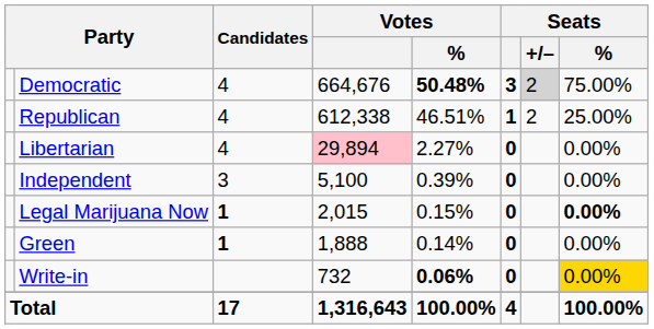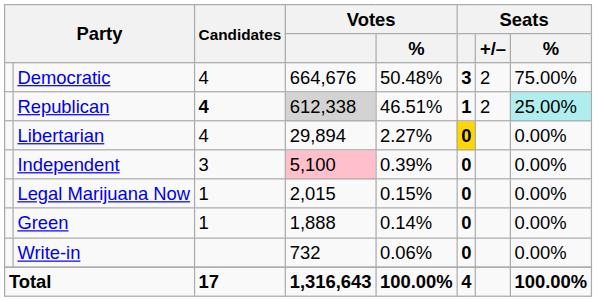 <table class="wikitable" style="font-size: 95%;">
 <tr>
 <th colspan="2" rowspan="2">Party</th>
 <th rowspan="2"><small>Candi</small><small>dates</small></th>
 <th colspan="2">Votes</th>
 <th colspan="3">Seats</th>
 </tr>
 <tr>
 <th></th>
 <th>%</th>
 <th></th>
 <th>+/–</th>
 <th>%</th>
 </tr>
 <tr>
 <td style="background:"></td>
 <td align=left><a href='#'>Democratic</a></td>
 <td>4</td>
 <td>664,676</td>
-<td><strong>50.48%</strong></td>
+<td>50.48%</td>
 <td><strong>3</strong></td>
-<td style="background: lightgrey;">2</td>
+<td>2</td>
 <td>75.00%</td>
 </tr>
 <tr>
 <td style="background:"></td>
 <td align=left><a href='#'>Republican</a></td>
-<td>4</td>
-<td>612,338</td>
+<td><strong>4</strong></td>
+<td style="background: lightgrey;">612,338</td>
 <td>46.51%</td>
 <td><strong>1</strong></td>
 <td>2</td>
-<td>25.00%</td>
+<td style="background: paleturquoise;">25.00%</td>
 </tr>
 <tr>
 <td style="background:"></td>
 <td align=left><a href='#'>Libertarian</a></td>
 <td>4</td>
-<td style="background: pink;">29,894</td>
+<td>29,894</td>
 <td>2.27%</td>
-<td><strong>0</strong></td>
+<td style="background: gold;"><strong>0</strong></td>
 <td></td>
 <td>0.00%</td>
 </tr>
 <tr>
 <td style="background:"></td>
 <td align=left><a href='#'>Independent</a></td>
 <td>3</td>
-<td>5,100</td>
+<td style="background: pink;">5,100</td>
 <td>0.39%</td>
 <td><strong>0</strong></td>
 <td></td>
 <td>0.00%</td>
 </tr>
 <tr>
 <td style="background:"></td>
 <td align=left><a href='#'>Legal Marijuana Now</a></td>
-<td><strong>1</strong></td>
+<td>1</td>
 <td>2,015</td>
 <td>0.15%</td>
 <td><strong>0</strong></td>
 <td></td>
-<td><strong>0.00%</strong></td>
+<td>0.00%</td>
 </tr>
 <tr>
 <td style="background:"></td>
 <td align=left><a href='#'>Green</a></td>
-<td><strong>1</strong></td>
+<td>1</td>
 <td>1,888</td>
 <td>0.14%</td>
 <td><strong>0</strong></td>
 <td></td>
 <td>0.00%</td>
 </tr>
 <tr>
 <td style="background:"></td>
 <td align=left><a href='#'>Write-in</a></td>
 <td></td>
 <td>732</td>
-<td><strong>0.06%</strong></td>
+<td>0.06%</td>
 <td><strong>0</strong></td>
 <td></td>
-<td style="background: gold;">0.00%</td>
+<td>0.00%</td>
 </tr>
 <tr>
 </tr>
 <tr style="font-weight:bold">
 <td colspan=2 align=left>Total</td>
 <td>17</td>
 <td>1,316,643</td>
 <td>100.00%</td>
 <td>4</td>
 <td></td>
 <td>100.00%</td>
 </tr>
 </table>
